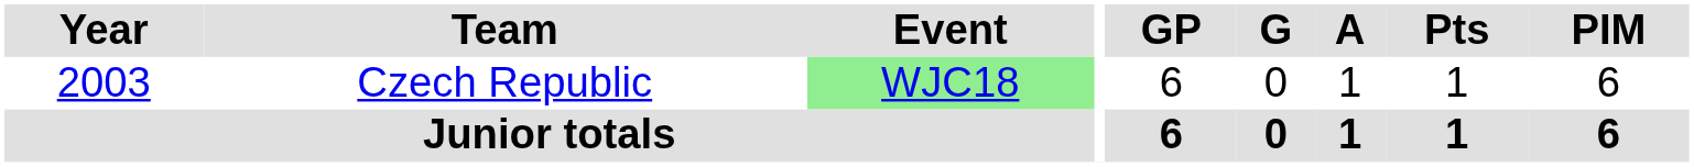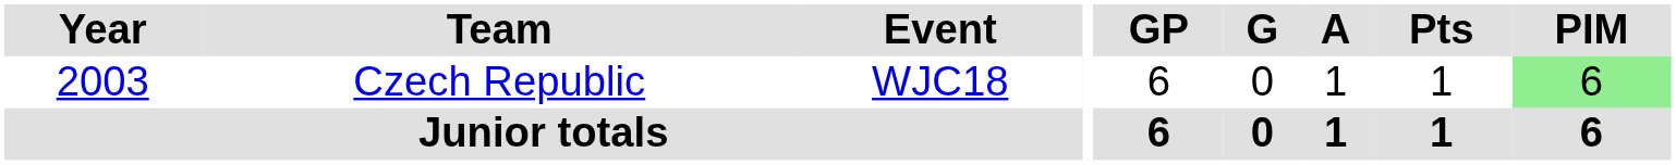 <table border="0" cellpadding="1" cellspacing="0" ID="Table3" style="text-align:center; width:40em">
 <tr ALIGN="center" bgcolor="#e0e0e0">
 <th>Year</th>
 <th>Team</th>
 <th>Event</th>
 <th rowspan="99" bgcolor="#ffffff"></th>
 <th>GP</th>
 <th>G</th>
 <th>A</th>
 <th>Pts</th>
 <th>PIM</th>
 </tr>
 <tr>
 <td><a href='#'>2003</a></td>
 <td><a href='#'>Czech Republic</a></td>
-<td style="background: lightgreen;"><a href='#'>WJC18</a></td>
+<td><a href='#'>WJC18</a></td>
 <td>6</td>
 <td>0</td>
 <td>1</td>
 <td>1</td>
-<td>6</td>
+<td style="background: lightgreen;">6</td>
 </tr>
 <tr bgcolor="#e0e0e0">
 <th colspan="3">Junior totals</th>
 <th>6</th>
 <th>0</th>
 <th>1</th>
 <th>1</th>
 <th>6</th>
 </tr>
 </table>
